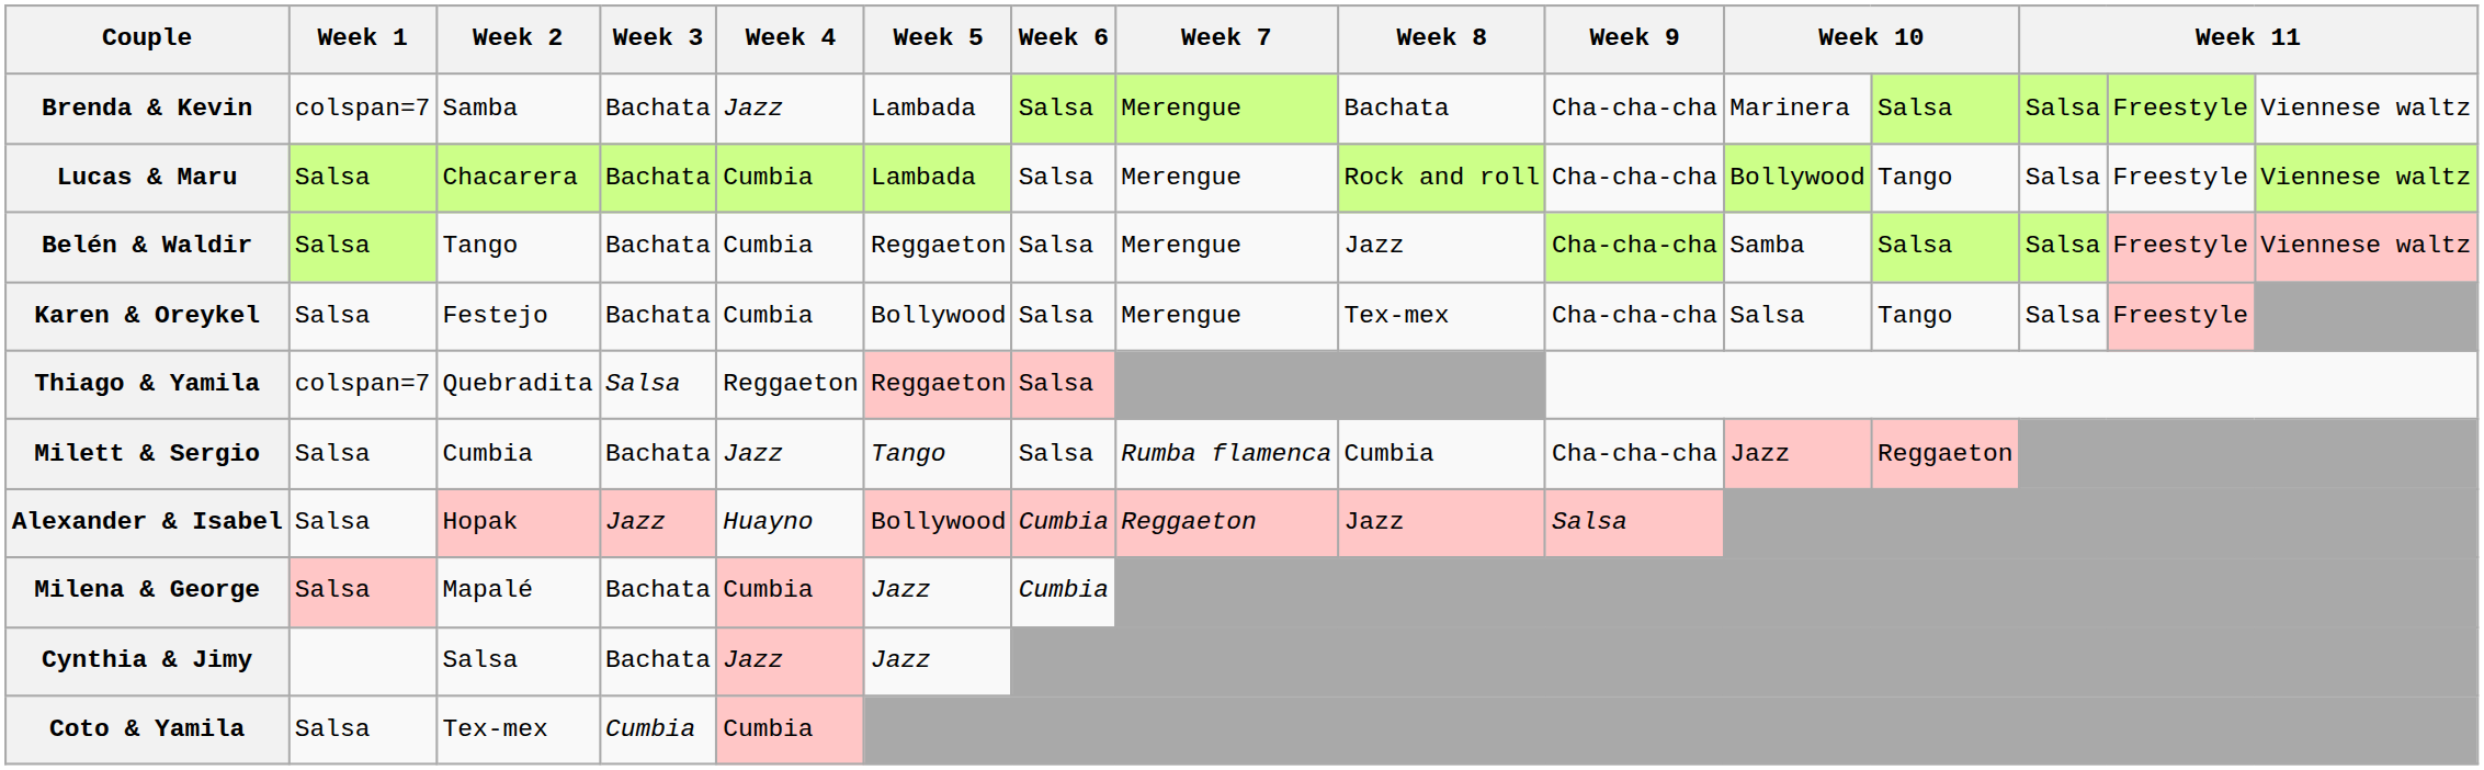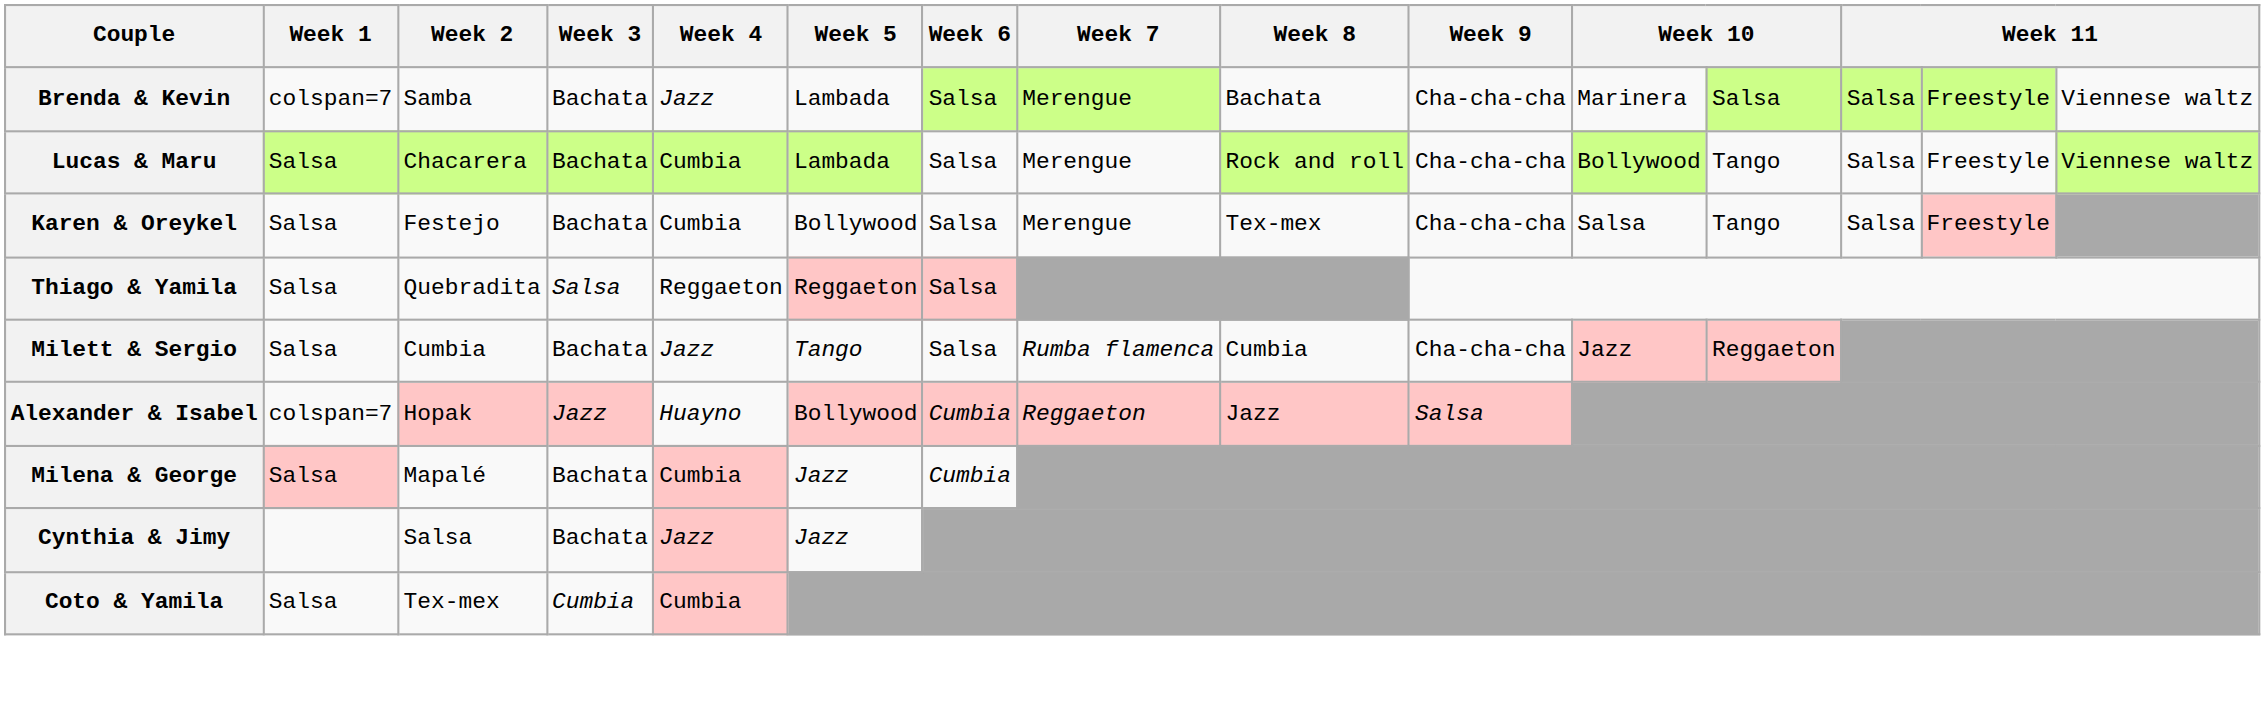 <table class="wikitable" style="text-align:left; font-size:85%; line-height:25px;">
 <tr>
 <th>Couple</th>
 <th>Week 1</th>
 <th>Week 2</th>
 <th>Week 3</th>
 <th>Week 4</th>
 <th>Week 5</th>
 <th>Week 6</th>
 <th>Week 7</th>
 <th>Week 8</th>
 <th>Week 9</th>
 <th colspan=2>Week 10</th>
 <th colspan=3>Week 11</th>
 </tr>
 <tr>
 <th>Brenda & Kevin</th>
 <td>colspan=7 </td>
 <td>Samba</td>
 <td>Bachata</td>
 <td><em>Jazz</em></td>
 <td>Lambada</td>
 <td style="background:#ccff88;">Salsa</td>
 <td style="background:#ccff88;">Merengue</td>
 <td>Bachata</td>
 <td>Cha-cha-cha</td>
 <td>Marinera</td>
 <td style="background:#ccff88;">Salsa</td>
 <td style="background:#ccff88;">Salsa</td>
 <td style="background:#ccff88;">Freestyle</td>
 <td>Viennese waltz</td>
 </tr>
 <tr>
 <th>Lucas & Maru</th>
 <td style="background:#ccff88;">Salsa</td>
 <td style="background:#ccff88;">Chacarera</td>
 <td style="background:#ccff88;">Bachata</td>
 <td style="background:#ccff88;">Cumbia</td>
 <td style="background:#ccff88;">Lambada</td>
 <td>Salsa</td>
 <td>Merengue</td>
 <td style="background:#ccff88;">Rock and roll</td>
 <td>Cha-cha-cha</td>
 <td style="background:#ccff88;">Bollywood</td>
 <td>Tango</td>
 <td>Salsa</td>
 <td>Freestyle</td>
 <td style="background:#ccff88;">Viennese waltz</td>
 </tr>
 <tr>
-<th>Belén & Waldir</th>
-<td style="background:#ccff88;">Salsa</td>
-<td>Tango</td>
-<td>Bachata</td>
-<td>Cumbia</td>
-<td>Reggaeton</td>
-<td>Salsa</td>
-<td>Merengue</td>
-<td>Jazz</td>
-<td style="background:#ccff88;">Cha-cha-cha</td>
-<td>Samba</td>
-<td style="background:#ccff88;">Salsa</td>
-<td style="background:#ccff88;">Salsa</td>
-<td style="background:#ffc6c6;">Freestyle</td>
-<td style="background:#ffc6c6;">Viennese waltz</td>
-</tr>
-<tr>
 <th>Karen & Oreykel</th>
 <td>Salsa</td>
 <td>Festejo</td>
 <td>Bachata</td>
 <td>Cumbia</td>
 <td>Bollywood</td>
 <td>Salsa</td>
 <td>Merengue</td>
 <td>Tex-mex</td>
 <td>Cha-cha-cha</td>
 <td>Salsa</td>
 <td>Tango</td>
 <td>Salsa</td>
 <td style="background:#ffc6c6;">Freestyle</td>
 <td colspan=1 style="background:darkgrey;"></td>
 </tr>
 <tr>
 <th>Thiago & Yamila</th>
-<td>colspan=7 </td>
+<td>Salsa</td>
 <td>Quebradita</td>
 <td><em>Salsa</em></td>
 <td>Reggaeton</td>
 <td style="background:#ffc6c6;">Reggaeton</td>
 <td style="background:#ffc6c6;">Salsa</td>
 <td colspan=2 style="background:darkgrey;"></td>
 </tr>
 <tr>
 <th>Milett & Sergio</th>
 <td>Salsa</td>
 <td>Cumbia</td>
 <td>Bachata</td>
 <td><em>Jazz</em></td>
 <td><em>Tango</em></td>
 <td>Salsa</td>
 <td><em>Rumba flamenca</em></td>
 <td>Cumbia</td>
 <td>Cha-cha-cha</td>
 <td style="background:#ffc6c6;">Jazz</td>
 <td style="background:#ffc6c6;">Reggaeton</td>
 <td colspan=3 style="background:darkgrey;"></td>
 </tr>
 <tr>
 <th>Alexander & Isabel</th>
-<td>Salsa</td>
+<td>colspan=7 </td>
 <td style="background:#ffc6c6;">Hopak</td>
 <td style="background:#ffc6c6;"><em>Jazz</em></td>
 <td><em>Huayno</em></td>
 <td style="background:#ffc6c6;">Bollywood</td>
 <td style="background:#ffc6c6;"><em>Cumbia</em></td>
 <td style="background:#ffc6c6;"><em>Reggaeton</em></td>
 <td style="background:#ffc6c6;">Jazz</td>
 <td style="background:#ffc6c6;"><em>Salsa</em></td>
 <td colspan=5 style="background:darkgrey;"></td>
 </tr>
 <tr>
 <th>Milena & George</th>
 <td style="background:#ffc6c6;">Salsa</td>
 <td>Mapalé</td>
 <td>Bachata</td>
 <td style="background:#ffc6c6;">Cumbia</td>
 <td><em>Jazz</em></td>
 <td><em>Cumbia</em></td>
 <td colspan=8 style="background:darkgrey;"></td>
 </tr>
 <tr>
 <th>Cynthia & Jimy</th>
 <td></td>
 <td>Salsa</td>
 <td>Bachata</td>
 <td style="background:#ffc6c6;"><em>Jazz</em></td>
 <td><em>Jazz</em></td>
 <td colspan=9 style="background:darkgrey;"></td>
 </tr>
 <tr>
 <th>Coto & Yamila</th>
 <td>Salsa</td>
 <td>Tex-mex</td>
 <td><em>Cumbia</em></td>
 <td style="background:#ffc6c6;">Cumbia</td>
 <td colspan=10 style="background:darkgrey;"></td>
 </tr>
 </table>
